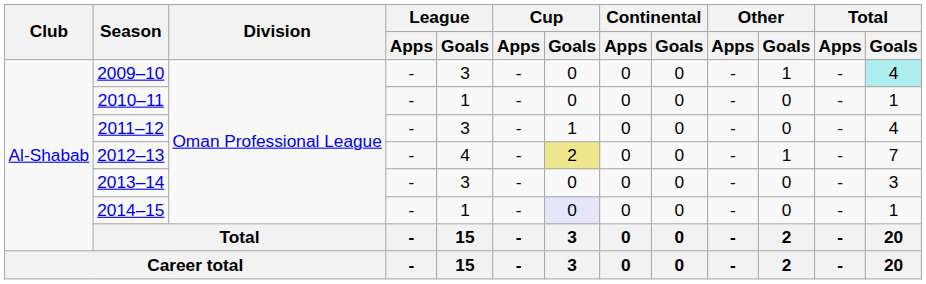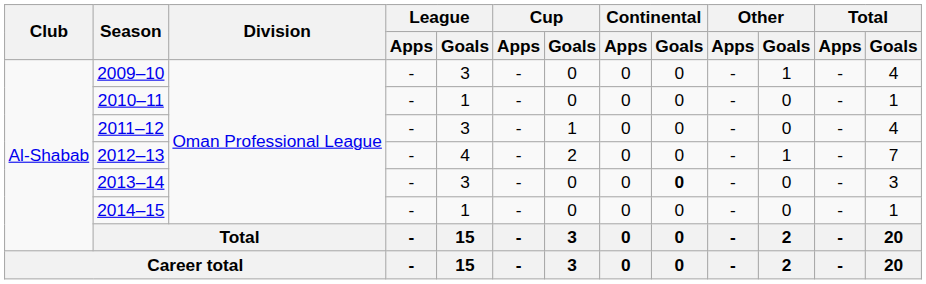 <table class="wikitable" style="text-align: center;">
 <tr>
 <th rowspan="2">Club</th>
 <th rowspan="2">Season</th>
 <th rowspan="2">Division</th>
 <th colspan="2">League</th>
 <th colspan="2">Cup</th>
 <th colspan="2">Continental</th>
 <th colspan="2">Other</th>
 <th colspan="2">Total</th>
 </tr>
 <tr>
 <th>Apps</th>
 <th>Goals</th>
 <th>Apps</th>
 <th>Goals</th>
 <th>Apps</th>
 <th>Goals</th>
 <th>Apps</th>
 <th>Goals</th>
 <th>Apps</th>
 <th>Goals</th>
 </tr>
 <tr>
 <td rowspan="7"><a href='#'>Al-Shabab</a></td>
 <td><a href='#'>2009–10</a></td>
 <td rowspan="6"><a href='#'>Oman Professional League</a></td>
 <td>-</td>
 <td>3</td>
 <td>-</td>
 <td>0</td>
 <td>0</td>
 <td>0</td>
 <td>-</td>
 <td>1</td>
 <td>-</td>
-<td style="background: paleturquoise;">4</td>
+<td>4</td>
 </tr>
 <tr>
 <td><a href='#'>2010–11</a></td>
 <td>-</td>
 <td>1</td>
 <td>-</td>
 <td>0</td>
 <td>0</td>
 <td>0</td>
 <td>-</td>
 <td>0</td>
 <td>-</td>
 <td>1</td>
 </tr>
 <tr>
 <td><a href='#'>2011–12</a></td>
 <td>-</td>
 <td>3</td>
 <td>-</td>
 <td>1</td>
 <td>0</td>
 <td>0</td>
 <td>-</td>
 <td>0</td>
 <td>-</td>
 <td>4</td>
 </tr>
 <tr>
 <td><a href='#'>2012–13</a></td>
 <td>-</td>
 <td>4</td>
 <td>-</td>
-<td style="background: khaki;">2</td>
+<td>2</td>
 <td>0</td>
 <td>0</td>
 <td>-</td>
 <td>1</td>
 <td>-</td>
 <td>7</td>
 </tr>
 <tr>
 <td><a href='#'>2013–14</a></td>
 <td>-</td>
 <td>3</td>
 <td>-</td>
 <td>0</td>
 <td>0</td>
-<td>0</td>
+<td><strong>0</strong></td>
 <td>-</td>
 <td>0</td>
 <td>-</td>
 <td>3</td>
 </tr>
 <tr>
 <td><a href='#'>2014–15</a></td>
 <td>-</td>
 <td>1</td>
 <td>-</td>
-<td style="background: lavender;">0</td>
+<td>0</td>
 <td>0</td>
 <td>0</td>
 <td>-</td>
 <td>0</td>
 <td>-</td>
 <td>1</td>
 </tr>
 <tr>
 <th colspan="2">Total</th>
 <th>-</th>
 <th>15</th>
 <th>-</th>
 <th>3</th>
 <th>0</th>
 <th>0</th>
 <th>-</th>
 <th>2</th>
 <th>-</th>
 <th>20</th>
 </tr>
 <tr>
 <th colspan="3">Career total</th>
 <th>-</th>
 <th>15</th>
 <th>-</th>
 <th>3</th>
 <th>0</th>
 <th>0</th>
 <th>-</th>
 <th>2</th>
 <th>-</th>
 <th>20</th>
 </tr>
 </table>
